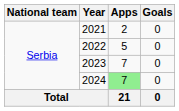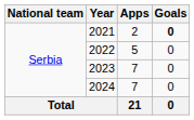 <table class="wikitable" style="text-align:center">
 <tr>
 <th>National team</th>
 <th>Year</th>
 <th>Apps</th>
 <th>Goals</th>
 </tr>
 <tr>
 <td rowspan="4"><a href='#'>Serbia</a></td>
 <td>2021</td>
 <td>2</td>
-<td>0</td>
+<td><strong>0</strong></td>
 </tr>
 <tr>
 <td>2022</td>
 <td>5</td>
 <td>0</td>
 </tr>
 <tr>
 <td>2023</td>
 <td>7</td>
 <td>0</td>
 </tr>
 <tr>
 <td>2024</td>
-<td style="background: lightgreen;">7</td>
+<td>7</td>
 <td>0</td>
 </tr>
 <tr>
 <th colspan="2">Total</th>
 <th>21</th>
 <th>0</th>
 </tr>
 </table>
